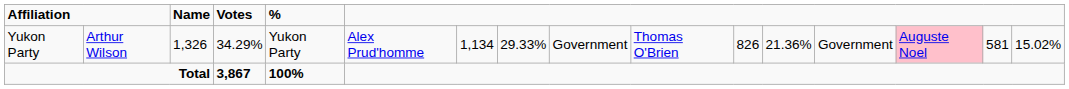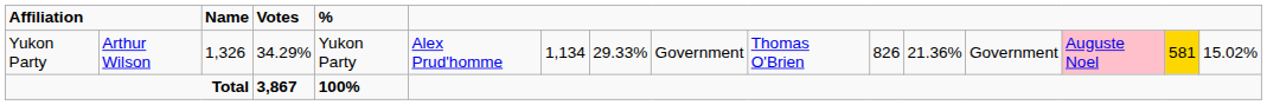 <table class="wikitable">
 <tr>
 <td colspan="2"><strong>Affiliation</strong></td>
 <td><strong>Name</strong></td>
 <td><strong>Votes</strong></td>
 <td><strong>%</strong></td>
 </tr>
 <tr>
 <td>Yukon Party</td>
 <td><a href='#'>Arthur Wilson</a></td>
 <td>1,326</td>
 <td>34.29%<br></td>
 <td>Yukon Party</td>
 <td><a href='#'>Alex Prud'homme</a></td>
 <td>1,134</td>
 <td>29.33%<br></td>
 <td>Government</td>
 <td><a href='#'>Thomas O'Brien</a></td>
 <td>826</td>
 <td>21.36%<br></td>
 <td>Government</td>
 <td style="background: pink;"><a href='#'>Auguste Noel</a></td>
-<td>581</td>
+<td style="background: gold;">581</td>
 <td>15.02%</td>
 </tr>
 <tr>
 <td colspan="3" align="right"><strong>Total</strong></td>
 <td><strong>3,867</strong></td>
 <td><strong>100%</strong></td>
 </tr>
 </table>
